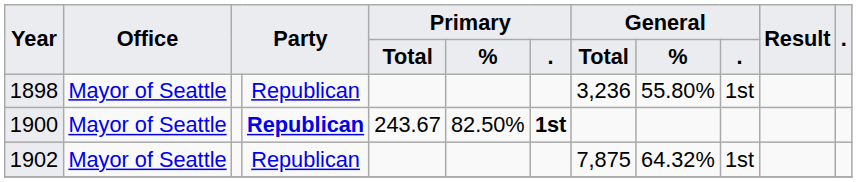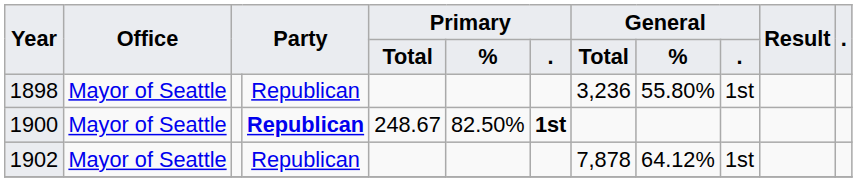 <table class="wikitable" style="font-size:90%; text-align:center;">
 <tr>
 <th style="background-color:#EAECF0;" rowspan=2>Year</th>
 <th style="background-color:#EAECF0;" rowspan=2>Office</th>
 <th style="background-color:#EAECF0;" colspan=2 rowspan=2>Party</th>
 <th style="background-color:#EAECF0;" colspan=3>Primary</th>
 <th style="background-color:#EAECF0;" colspan=3>General</th>
 <th style="background-color:#EAECF0;" rowspan=2>Result</th>
 <th style="background-color:#EAECF0;" rowspan=2>.</th>
 </tr>
 <tr>
 <th style="background-color:#EAECF0;">Total</th>
 <th style="background-color:#EAECF0;">%</th>
 <th style="background-color:#EAECF0;">.</th>
 <th style="background-color:#EAECF0;">Total</th>
 <th style="background-color:#EAECF0;">%</th>
 <th style="background-color:#EAECF0;">.</th>
 </tr>
 <tr>
 <td style="background-color:#EAECF0;">1898</td>
 <td><a href='#'>Mayor of Seattle</a></td>
 <td style="background-color:"></td>
 <td><a href='#'>Republican</a></td>
 <td></td>
 <td></td>
 <td></td>
 <td>3,236</td>
 <td>55.80%</td>
 <td>1st</td>
 <td></td>
 <td></td>
 </tr>
 <tr>
 <td style="background-color:#EAECF0;">1900</td>
 <td><a href='#'>Mayor of Seattle</a></td>
 <td style="background-color:"></td>
 <td><strong><a href='#'>Republican</a></strong></td>
-<td>243.67</td>
+<td>248.67</td>
 <td>82.50%</td>
 <td><strong>1st</strong></td>
 <td></td>
 <td></td>
 <td></td>
 <td></td>
 <td></td>
 </tr>
 <tr>
 <td style="background-color:#EAECF0;">1902</td>
 <td><a href='#'>Mayor of Seattle</a></td>
 <td style="background-color:"></td>
 <td><a href='#'>Republican</a></td>
 <td></td>
 <td></td>
 <td></td>
-<td>7,875</td>
-<td>64.32%</td>
+<td>7,878</td>
+<td>64.12%</td>
 <td>1st</td>
 <td></td>
 <td></td>
 </tr>
 <tr>
 </tr>
 </table>
